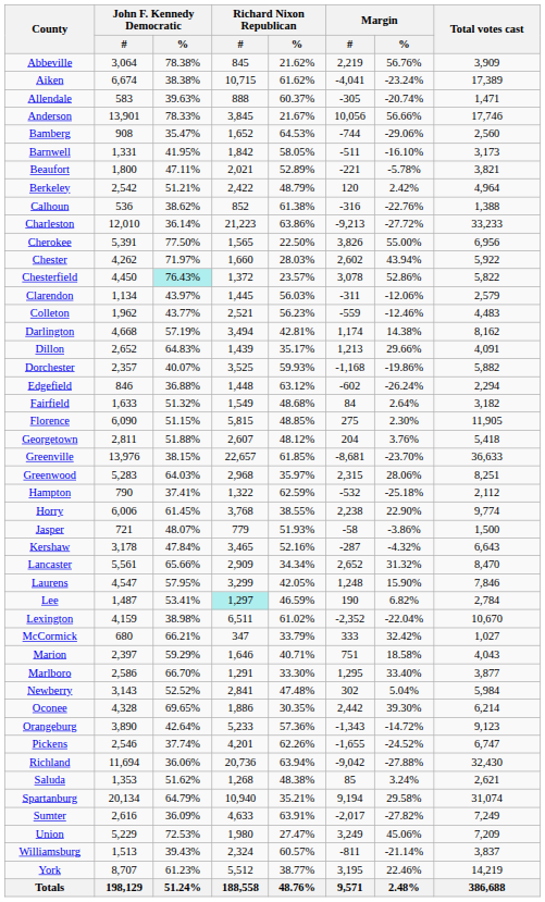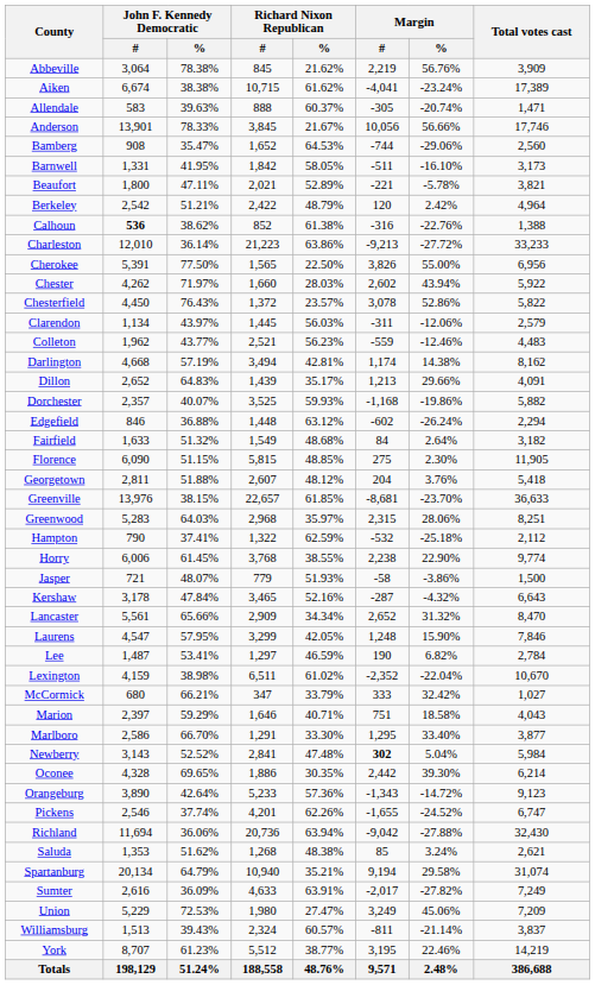 <table width="60%" class="wikitable sortable">
 <tr>
 <th rowspan="2">County</th>
 <th colspan="2">John F. Kennedy<br>Democratic</th>
 <th colspan="2">Richard Nixon<br>Republican</th>
 <th colspan="2">Margin</th>
 <th rowspan="2">Total votes cast</th>
 </tr>
 <tr>
 <th style="text-align:center;" data-sort-type="number">#</th>
 <th style="text-align:center;" data-sort-type="number">%</th>
 <th style="text-align:center;" data-sort-type="number">#</th>
 <th style="text-align:center;" data-sort-type="number">%</th>
 <th style="text-align:center;" data-sort-type="number">#</th>
 <th style="text-align:center;" data-sort-type="number">%</th>
 </tr>
 <tr style="text-align:center;">
 <td><a href='#'>Abbeville</a></td>
 <td>3,064</td>
 <td>78.38%</td>
 <td>845</td>
 <td>21.62%</td>
 <td>2,219</td>
 <td>56.76%</td>
 <td>3,909</td>
 </tr>
 <tr style="text-align:center;">
 <td><a href='#'>Aiken</a></td>
 <td>6,674</td>
 <td>38.38%</td>
 <td>10,715</td>
 <td>61.62%</td>
 <td>-4,041</td>
 <td>-23.24%</td>
 <td>17,389</td>
 </tr>
 <tr style="text-align:center;">
 <td><a href='#'>Allendale</a></td>
 <td>583</td>
 <td>39.63%</td>
 <td>888</td>
 <td>60.37%</td>
 <td>-305</td>
 <td>-20.74%</td>
 <td>1,471</td>
 </tr>
 <tr style="text-align:center;">
 <td><a href='#'>Anderson</a></td>
 <td>13,901</td>
 <td>78.33%</td>
 <td>3,845</td>
 <td>21.67%</td>
 <td>10,056</td>
 <td>56.66%</td>
 <td>17,746</td>
 </tr>
 <tr style="text-align:center;">
 <td><a href='#'>Bamberg</a></td>
 <td>908</td>
 <td>35.47%</td>
 <td>1,652</td>
 <td>64.53%</td>
 <td>-744</td>
 <td>-29.06%</td>
 <td>2,560</td>
 </tr>
 <tr style="text-align:center;">
 <td><a href='#'>Barnwell</a></td>
 <td>1,331</td>
 <td>41.95%</td>
 <td>1,842</td>
 <td>58.05%</td>
 <td>-511</td>
 <td>-16.10%</td>
 <td>3,173</td>
 </tr>
 <tr style="text-align:center;">
 <td><a href='#'>Beaufort</a></td>
 <td>1,800</td>
 <td>47.11%</td>
 <td>2,021</td>
 <td>52.89%</td>
 <td>-221</td>
 <td>-5.78%</td>
 <td>3,821</td>
 </tr>
 <tr style="text-align:center;">
 <td><a href='#'>Berkeley</a></td>
 <td>2,542</td>
 <td>51.21%</td>
 <td>2,422</td>
 <td>48.79%</td>
 <td>120</td>
 <td>2.42%</td>
 <td>4,964</td>
 </tr>
 <tr style="text-align:center;">
 <td><a href='#'>Calhoun</a></td>
-<td>536</td>
+<td><strong>536</strong></td>
 <td>38.62%</td>
 <td>852</td>
 <td>61.38%</td>
 <td>-316</td>
 <td>-22.76%</td>
 <td>1,388</td>
 </tr>
 <tr style="text-align:center;">
 <td><a href='#'>Charleston</a></td>
 <td>12,010</td>
 <td>36.14%</td>
 <td>21,223</td>
 <td>63.86%</td>
 <td>-9,213</td>
 <td>-27.72%</td>
 <td>33,233</td>
 </tr>
 <tr style="text-align:center;">
 <td><a href='#'>Cherokee</a></td>
 <td>5,391</td>
 <td>77.50%</td>
 <td>1,565</td>
 <td>22.50%</td>
 <td>3,826</td>
 <td>55.00%</td>
 <td>6,956</td>
 </tr>
 <tr style="text-align:center;">
 <td><a href='#'>Chester</a></td>
 <td>4,262</td>
 <td>71.97%</td>
 <td>1,660</td>
 <td>28.03%</td>
 <td>2,602</td>
 <td>43.94%</td>
 <td>5,922</td>
 </tr>
 <tr style="text-align:center;">
 <td><a href='#'>Chesterfield</a></td>
 <td>4,450</td>
-<td style="background: paleturquoise;">76.43%</td>
+<td>76.43%</td>
 <td>1,372</td>
 <td>23.57%</td>
 <td>3,078</td>
 <td>52.86%</td>
 <td>5,822</td>
 </tr>
 <tr style="text-align:center;">
 <td><a href='#'>Clarendon</a></td>
 <td>1,134</td>
 <td>43.97%</td>
 <td>1,445</td>
 <td>56.03%</td>
 <td>-311</td>
 <td>-12.06%</td>
 <td>2,579</td>
 </tr>
 <tr style="text-align:center;">
 <td><a href='#'>Colleton</a></td>
 <td>1,962</td>
 <td>43.77%</td>
 <td>2,521</td>
 <td>56.23%</td>
 <td>-559</td>
 <td>-12.46%</td>
 <td>4,483</td>
 </tr>
 <tr style="text-align:center;">
 <td><a href='#'>Darlington</a></td>
 <td>4,668</td>
 <td>57.19%</td>
 <td>3,494</td>
 <td>42.81%</td>
 <td>1,174</td>
 <td>14.38%</td>
 <td>8,162</td>
 </tr>
 <tr style="text-align:center;">
 <td><a href='#'>Dillon</a></td>
 <td>2,652</td>
 <td>64.83%</td>
 <td>1,439</td>
 <td>35.17%</td>
 <td>1,213</td>
 <td>29.66%</td>
 <td>4,091</td>
 </tr>
 <tr style="text-align:center;">
 <td><a href='#'>Dorchester</a></td>
 <td>2,357</td>
 <td>40.07%</td>
 <td>3,525</td>
 <td>59.93%</td>
 <td>-1,168</td>
 <td>-19.86%</td>
 <td>5,882</td>
 </tr>
 <tr style="text-align:center;">
 <td><a href='#'>Edgefield</a></td>
 <td>846</td>
 <td>36.88%</td>
 <td>1,448</td>
 <td>63.12%</td>
 <td>-602</td>
 <td>-26.24%</td>
 <td>2,294</td>
 </tr>
 <tr style="text-align:center;">
 <td><a href='#'>Fairfield</a></td>
 <td>1,633</td>
 <td>51.32%</td>
 <td>1,549</td>
 <td>48.68%</td>
 <td>84</td>
 <td>2.64%</td>
 <td>3,182</td>
 </tr>
 <tr style="text-align:center;">
 <td><a href='#'>Florence</a></td>
 <td>6,090</td>
 <td>51.15%</td>
 <td>5,815</td>
 <td>48.85%</td>
 <td>275</td>
 <td>2.30%</td>
 <td>11,905</td>
 </tr>
 <tr style="text-align:center;">
 <td><a href='#'>Georgetown</a></td>
 <td>2,811</td>
 <td>51.88%</td>
 <td>2,607</td>
 <td>48.12%</td>
 <td>204</td>
 <td>3.76%</td>
 <td>5,418</td>
 </tr>
 <tr style="text-align:center;">
 <td><a href='#'>Greenville</a></td>
 <td>13,976</td>
 <td>38.15%</td>
 <td>22,657</td>
 <td>61.85%</td>
 <td>-8,681</td>
 <td>-23.70%</td>
 <td>36,633</td>
 </tr>
 <tr style="text-align:center;">
 <td><a href='#'>Greenwood</a></td>
 <td>5,283</td>
 <td>64.03%</td>
 <td>2,968</td>
 <td>35.97%</td>
 <td>2,315</td>
 <td>28.06%</td>
 <td>8,251</td>
 </tr>
 <tr style="text-align:center;">
 <td><a href='#'>Hampton</a></td>
 <td>790</td>
 <td>37.41%</td>
 <td>1,322</td>
 <td>62.59%</td>
 <td>-532</td>
 <td>-25.18%</td>
 <td>2,112</td>
 </tr>
 <tr style="text-align:center;">
 <td><a href='#'>Horry</a></td>
 <td>6,006</td>
 <td>61.45%</td>
 <td>3,768</td>
 <td>38.55%</td>
 <td>2,238</td>
 <td>22.90%</td>
 <td>9,774</td>
 </tr>
 <tr style="text-align:center;">
 <td><a href='#'>Jasper</a></td>
 <td>721</td>
 <td>48.07%</td>
 <td>779</td>
 <td>51.93%</td>
 <td>-58</td>
 <td>-3.86%</td>
 <td>1,500</td>
 </tr>
 <tr style="text-align:center;">
 <td><a href='#'>Kershaw</a></td>
 <td>3,178</td>
 <td>47.84%</td>
 <td>3,465</td>
 <td>52.16%</td>
 <td>-287</td>
 <td>-4.32%</td>
 <td>6,643</td>
 </tr>
 <tr style="text-align:center;">
 <td><a href='#'>Lancaster</a></td>
 <td>5,561</td>
 <td>65.66%</td>
 <td>2,909</td>
 <td>34.34%</td>
 <td>2,652</td>
 <td>31.32%</td>
 <td>8,470</td>
 </tr>
 <tr style="text-align:center;">
 <td><a href='#'>Laurens</a></td>
 <td>4,547</td>
 <td>57.95%</td>
 <td>3,299</td>
 <td>42.05%</td>
 <td>1,248</td>
 <td>15.90%</td>
 <td>7,846</td>
 </tr>
 <tr style="text-align:center;">
 <td><a href='#'>Lee</a></td>
 <td>1,487</td>
 <td>53.41%</td>
-<td style="background: paleturquoise;">1,297</td>
+<td>1,297</td>
 <td>46.59%</td>
 <td>190</td>
 <td>6.82%</td>
 <td>2,784</td>
 </tr>
 <tr style="text-align:center;">
 <td><a href='#'>Lexington</a></td>
 <td>4,159</td>
 <td>38.98%</td>
 <td>6,511</td>
 <td>61.02%</td>
 <td>-2,352</td>
 <td>-22.04%</td>
 <td>10,670</td>
 </tr>
 <tr style="text-align:center;">
 <td><a href='#'>McCormick</a></td>
 <td>680</td>
 <td>66.21%</td>
 <td>347</td>
 <td>33.79%</td>
 <td>333</td>
 <td>32.42%</td>
 <td>1,027</td>
 </tr>
 <tr style="text-align:center;">
 <td><a href='#'>Marion</a></td>
 <td>2,397</td>
 <td>59.29%</td>
 <td>1,646</td>
 <td>40.71%</td>
 <td>751</td>
 <td>18.58%</td>
 <td>4,043</td>
 </tr>
 <tr style="text-align:center;">
 <td><a href='#'>Marlboro</a></td>
 <td>2,586</td>
 <td>66.70%</td>
 <td>1,291</td>
 <td>33.30%</td>
 <td>1,295</td>
 <td>33.40%</td>
 <td>3,877</td>
 </tr>
 <tr style="text-align:center;">
 <td><a href='#'>Newberry</a></td>
 <td>3,143</td>
 <td>52.52%</td>
 <td>2,841</td>
 <td>47.48%</td>
-<td>302</td>
+<td><strong>302</strong></td>
 <td>5.04%</td>
 <td>5,984</td>
 </tr>
 <tr style="text-align:center;">
 <td><a href='#'>Oconee</a></td>
 <td>4,328</td>
 <td>69.65%</td>
 <td>1,886</td>
 <td>30.35%</td>
 <td>2,442</td>
 <td>39.30%</td>
 <td>6,214</td>
 </tr>
 <tr style="text-align:center;">
 <td><a href='#'>Orangeburg</a></td>
 <td>3,890</td>
 <td>42.64%</td>
 <td>5,233</td>
 <td>57.36%</td>
 <td>-1,343</td>
 <td>-14.72%</td>
 <td>9,123</td>
 </tr>
 <tr style="text-align:center;">
 <td><a href='#'>Pickens</a></td>
 <td>2,546</td>
 <td>37.74%</td>
 <td>4,201</td>
 <td>62.26%</td>
 <td>-1,655</td>
 <td>-24.52%</td>
 <td>6,747</td>
 </tr>
 <tr style="text-align:center;">
 <td><a href='#'>Richland</a></td>
 <td>11,694</td>
 <td>36.06%</td>
 <td>20,736</td>
 <td>63.94%</td>
 <td>-9,042</td>
 <td>-27.88%</td>
 <td>32,430</td>
 </tr>
 <tr style="text-align:center;">
 <td><a href='#'>Saluda</a></td>
 <td>1,353</td>
 <td>51.62%</td>
 <td>1,268</td>
 <td>48.38%</td>
 <td>85</td>
 <td>3.24%</td>
 <td>2,621</td>
 </tr>
 <tr style="text-align:center;">
 <td><a href='#'>Spartanburg</a></td>
 <td>20,134</td>
 <td>64.79%</td>
 <td>10,940</td>
 <td>35.21%</td>
 <td>9,194</td>
 <td>29.58%</td>
 <td>31,074</td>
 </tr>
 <tr style="text-align:center;">
 <td><a href='#'>Sumter</a></td>
 <td>2,616</td>
 <td>36.09%</td>
 <td>4,633</td>
 <td>63.91%</td>
 <td>-2,017</td>
 <td>-27.82%</td>
 <td>7,249</td>
 </tr>
 <tr style="text-align:center;">
 <td><a href='#'>Union</a></td>
 <td>5,229</td>
 <td>72.53%</td>
 <td>1,980</td>
 <td>27.47%</td>
 <td>3,249</td>
 <td>45.06%</td>
 <td>7,209</td>
 </tr>
 <tr style="text-align:center;">
 <td><a href='#'>Williamsburg</a></td>
 <td>1,513</td>
 <td>39.43%</td>
 <td>2,324</td>
 <td>60.57%</td>
 <td>-811</td>
 <td>-21.14%</td>
 <td>3,837</td>
 </tr>
 <tr style="text-align:center;">
 <td><a href='#'>York</a></td>
 <td>8,707</td>
 <td>61.23%</td>
 <td>5,512</td>
 <td>38.77%</td>
 <td>3,195</td>
 <td>22.46%</td>
 <td>14,219</td>
 </tr>
 <tr style="text-align:center;">
 <th>Totals</th>
 <th>198,129</th>
 <th>51.24%</th>
 <th>188,558</th>
 <th>48.76%</th>
 <th>9,571</th>
 <th>2.48%</th>
 <th>386,688</th>
 </tr>
 </table>
